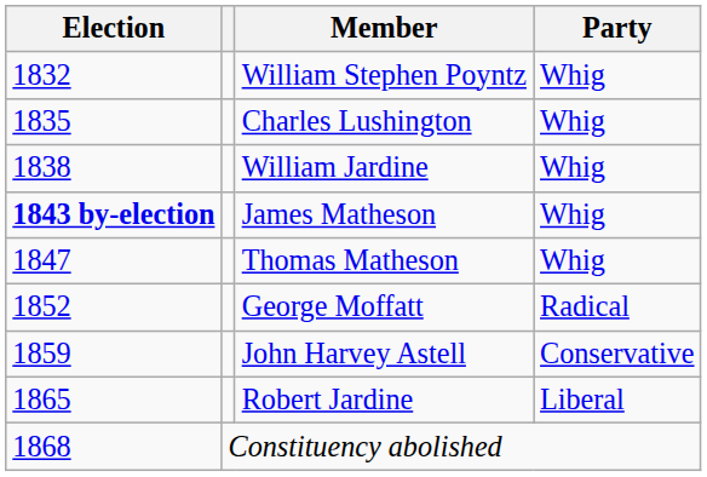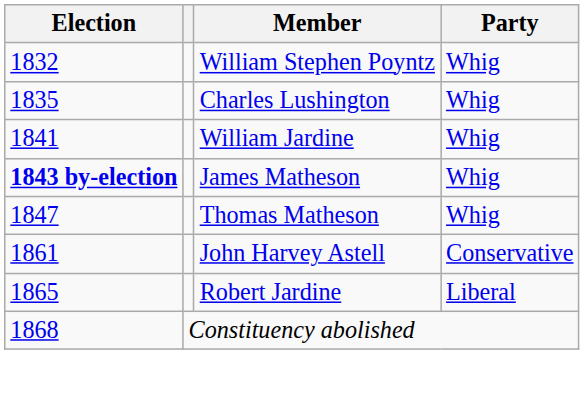 <table class="wikitable">
 <tr>
 <th>Election</th>
 <th></th>
 <th>Member</th>
 <th>Party</th>
 </tr>
 <tr>
 <td><a href='#'>1832</a></td>
 <td style="color:inherit;background-color: "></td>
 <td><a href='#'>William Stephen Poyntz</a></td>
 <td><a href='#'>Whig</a></td>
 </tr>
 <tr>
 <td><a href='#'>1835</a></td>
 <td style="color:inherit;background-color: "></td>
 <td><a href='#'>Charles Lushington</a></td>
 <td><a href='#'>Whig</a></td>
 </tr>
 <tr>
-<td><a href='#'>1838</a></td>
+<td><a href='#'>1841</a></td>
 <td style="color:inherit;background-color: "></td>
 <td><a href='#'>William Jardine</a></td>
 <td><a href='#'>Whig</a></td>
 </tr>
 <tr>
 <td><strong><a href='#'>1843 by-election</a></strong></td>
 <td style="color:inherit;background-color: "></td>
 <td><a href='#'>James Matheson</a></td>
 <td><a href='#'>Whig</a></td>
 </tr>
 <tr>
 <td><a href='#'>1847</a></td>
 <td style="color:inherit;background-color: "></td>
 <td><a href='#'>Thomas Matheson</a></td>
 <td><a href='#'>Whig</a></td>
 </tr>
 <tr>
-<td><a href='#'>1852</a></td>
-<td style="color:inherit;background-color: "></td>
-<td><a href='#'>George Moffatt</a></td>
-<td><a href='#'>Radical</a></td>
-</tr>
-<tr>
-<td><a href='#'>1859</a></td>
+<td><a href='#'>1861</a></td>
 <td style="color:inherit;background-color: "></td>
 <td><a href='#'>John Harvey Astell</a></td>
 <td><a href='#'>Conservative</a></td>
 </tr>
 <tr>
 <td><a href='#'>1865</a></td>
 <td style="color:inherit;background-color: "></td>
 <td><a href='#'>Robert Jardine</a></td>
 <td><a href='#'>Liberal</a></td>
 </tr>
 <tr>
 <td><a href='#'>1868</a></td>
 <td colspan="3"><em>Constituency abolished</em></td>
 </tr>
 </table>
